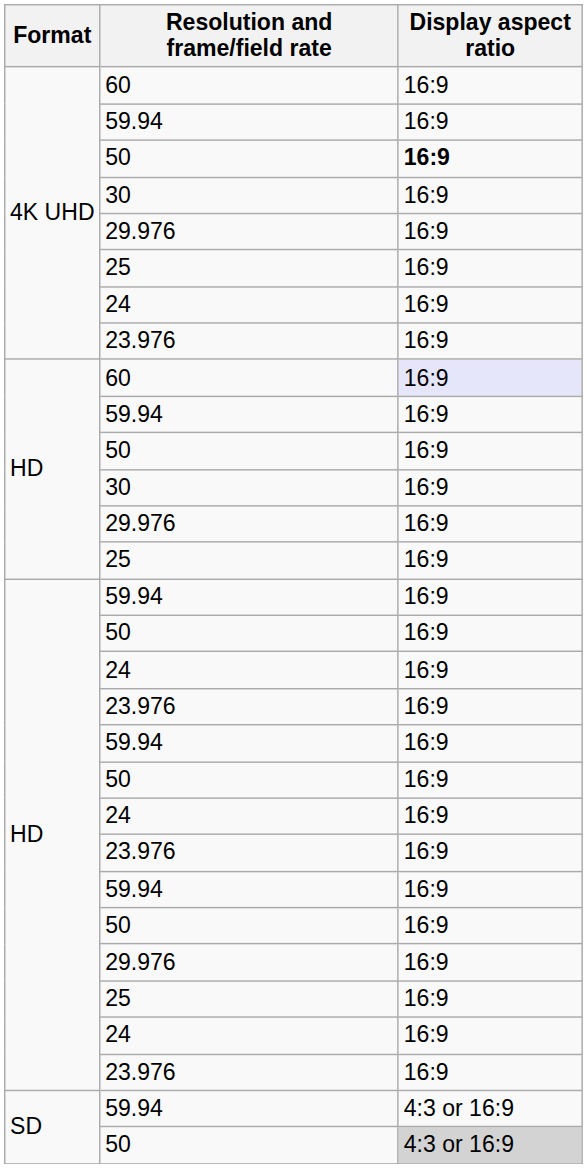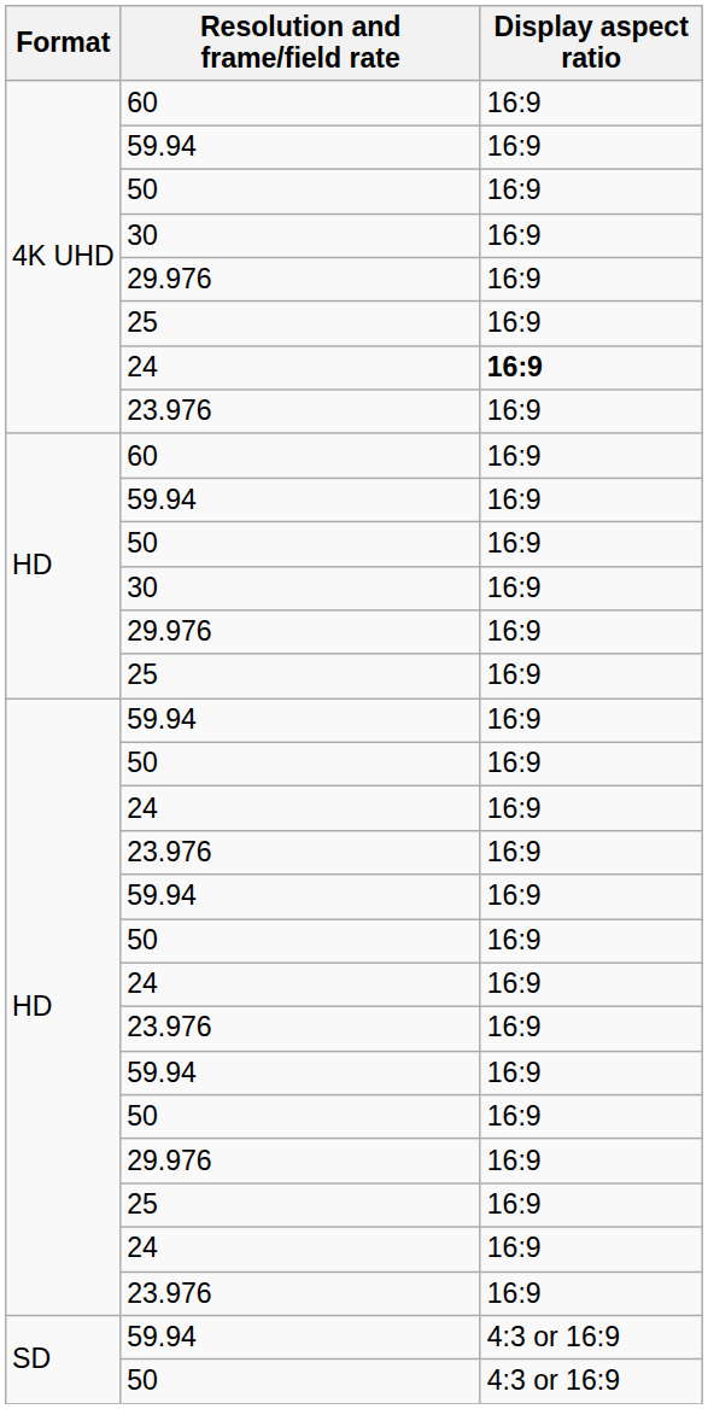 <table class="wikitable">
 <tr>
 <th>Format</th>
 <th style="width: 200px;">Resolution and<br>frame/field rate</th>
 <th style="width: 120px;">Display aspect ratio</th>
 </tr>
 <tr>
 <td rowspan="8">4K UHD</td>
 <td> 60</td>
 <td>16:9</td>
 </tr>
 <tr>
 <td> 59.94</td>
 <td>16:9</td>
 </tr>
 <tr>
 <td> 50</td>
-<td><strong>16:9</strong></td>
+<td>16:9</td>
 </tr>
 <tr>
 <td> 30</td>
 <td>16:9</td>
 </tr>
 <tr>
 <td> 29.976</td>
 <td>16:9</td>
 </tr>
 <tr>
 <td> 25</td>
 <td>16:9</td>
 </tr>
 <tr>
 <td> 24</td>
-<td>16:9</td>
+<td><strong>16:9</strong></td>
 </tr>
 <tr>
 <td> 23.976</td>
 <td>16:9</td>
 </tr>
 <tr>
 <td rowspan="6">HD</td>
 <td> 60</td>
-<td style="background: lavender;">16:9</td>
+<td>16:9</td>
 </tr>
 <tr>
 <td> 59.94</td>
 <td>16:9</td>
 </tr>
 <tr>
 <td> 50</td>
 <td>16:9</td>
 </tr>
 <tr>
 <td> 30</td>
 <td>16:9</td>
 </tr>
 <tr>
 <td> 29.976</td>
 <td>16:9</td>
 </tr>
 <tr>
 <td> 25</td>
 <td>16:9</td>
 </tr>
 <tr>
 <td rowspan="14">HD</td>
 <td> 59.94</td>
 <td>16:9</td>
 </tr>
 <tr>
 <td> 50</td>
 <td>16:9</td>
 </tr>
 <tr>
 <td> 24</td>
 <td>16:9</td>
 </tr>
 <tr>
 <td> 23.976</td>
 <td>16:9</td>
 </tr>
 <tr>
 <td> 59.94</td>
 <td>16:9</td>
 </tr>
 <tr>
 <td> 50</td>
 <td>16:9</td>
 </tr>
 <tr>
 <td> 24</td>
 <td>16:9</td>
 </tr>
 <tr>
 <td> 23.976</td>
 <td>16:9</td>
 </tr>
 <tr>
 <td> 59.94</td>
 <td>16:9</td>
 </tr>
 <tr>
 <td> 50</td>
 <td>16:9</td>
 </tr>
 <tr>
 <td> 29.976</td>
 <td>16:9</td>
 </tr>
 <tr>
 <td> 25</td>
 <td>16:9</td>
 </tr>
 <tr>
 <td> 24</td>
 <td>16:9</td>
 </tr>
 <tr>
 <td> 23.976</td>
 <td>16:9</td>
 </tr>
 <tr>
 <td rowspan="2">SD</td>
 <td> 59.94</td>
 <td>4:3 or 16:9</td>
 </tr>
 <tr>
 <td> 50</td>
-<td style="background: lightgrey;">4:3 or 16:9</td>
+<td>4:3 or 16:9</td>
 </tr>
 </table>
